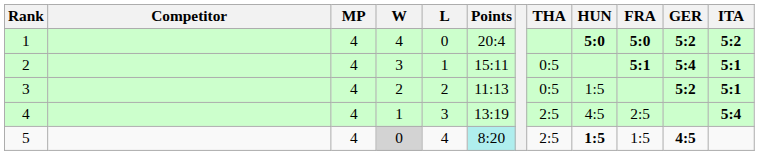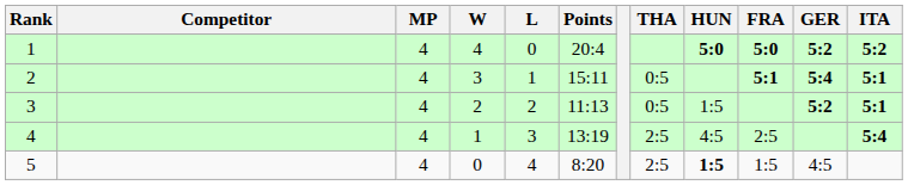 <table class="wikitable" style="text-align:center">
 <tr>
 <th>Rank</th>
 <th style="width:18em">Competitor</th>
 <th style="width:2.5em">MP</th>
 <th style="width:2.5em">W</th>
 <th style="width:2.5em">L</th>
 <th>Points</th>
 <th rowspan="6"> </th>
 <th style="width:2.5em">THA</th>
 <th style="width:2.5em">HUN</th>
 <th style="width:2.5em">FRA</th>
 <th style="width:2.5em">GER</th>
 <th style="width:2.5em">ITA</th>
 </tr>
 <tr style="background:#cfc;">
 <td>1</td>
 <td style="text-align:left"></td>
 <td>4</td>
 <td>4</td>
 <td>0</td>
 <td>20:4</td>
 <td></td>
 <td><strong>5:0</strong></td>
 <td><strong>5:0</strong></td>
 <td><strong>5:2</strong></td>
 <td><strong>5:2</strong></td>
 </tr>
 <tr style="background:#cfc;">
 <td>2</td>
 <td style="text-align:left"></td>
 <td>4</td>
 <td>3</td>
 <td>1</td>
 <td>15:11</td>
 <td>0:5</td>
 <td></td>
 <td><strong>5:1</strong></td>
 <td><strong>5:4</strong></td>
 <td><strong>5:1</strong></td>
 </tr>
 <tr style="background:#cfc;">
 <td>3</td>
 <td style="text-align:left"></td>
 <td>4</td>
 <td>2</td>
 <td>2</td>
 <td>11:13</td>
 <td>0:5</td>
 <td>1:5</td>
 <td></td>
 <td><strong>5:2</strong></td>
 <td><strong>5:1</strong></td>
 </tr>
 <tr style="background:#cfc;">
 <td>4</td>
 <td style="text-align:left"></td>
 <td>4</td>
 <td>1</td>
 <td>3</td>
 <td>13:19</td>
 <td>2:5</td>
 <td>4:5</td>
 <td>2:5</td>
 <td></td>
 <td><strong>5:4</strong></td>
 </tr>
 <tr>
 <td>5</td>
 <td style="text-align:left"></td>
 <td>4</td>
-<td style="background: lightgrey;">0</td>
+<td>0</td>
 <td>4</td>
-<td style="background: paleturquoise;">8:20</td>
+<td>8:20</td>
 <td>2:5</td>
 <td><strong>1:5</strong></td>
 <td>1:5</td>
-<td><strong>4:5</strong></td>
+<td>4:5</td>
 <td></td>
 </tr>
 </table>
